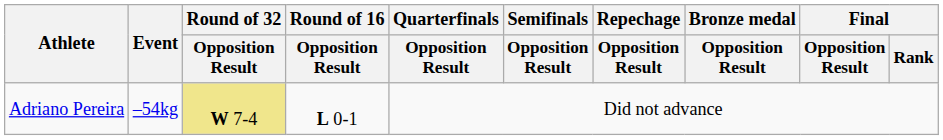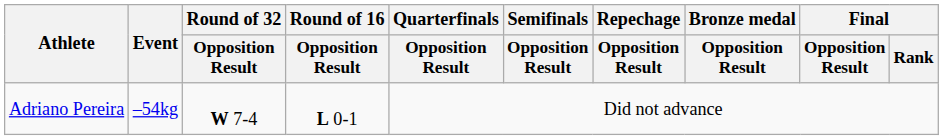 <table class="wikitable" style="font-size:90%">
 <tr>
 <th rowspan=2>Athlete</th>
 <th rowspan=2>Event</th>
 <th>Round of 32</th>
 <th>Round of 16</th>
 <th>Quarterfinals</th>
 <th>Semifinals</th>
 <th>Repechage</th>
 <th>Bronze medal</th>
 <th colspan=2>Final</th>
 </tr>
 <tr style="font-size:95%">
 <th>Opposition<br>Result</th>
 <th>Opposition<br>Result</th>
 <th>Opposition<br>Result</th>
 <th>Opposition<br>Result</th>
 <th>Opposition<br>Result</th>
 <th>Opposition<br>Result</th>
 <th>Opposition<br>Result</th>
 <th>Rank</th>
 </tr>
 <tr align=center>
 <td align=left><a href='#'>Adriano Pereira</a></td>
 <td align=left><a href='#'>–54kg</a></td>
-<td style="background: khaki;"><br> <strong>W</strong> 7-4</td>
+<td><br> <strong>W</strong> 7-4</td>
 <td><br> <strong>L</strong> 0-1</td>
 <td colspan=6>Did not advance</td>
 </tr>
 </table>
